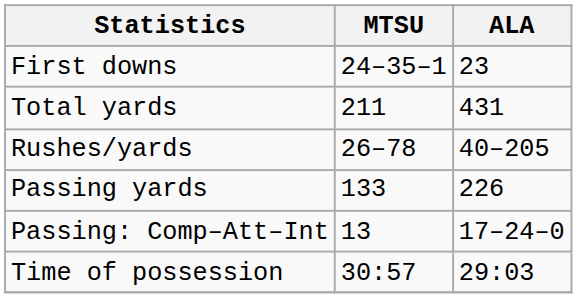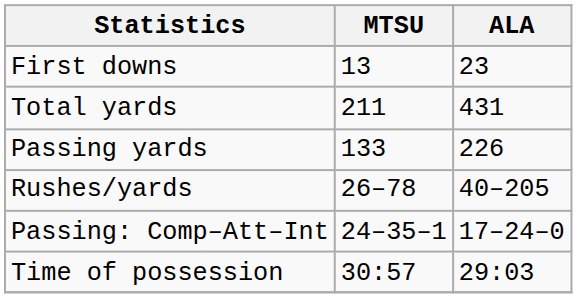 <table class="wikitable" style="float: left;">
 <tr>
 <th>Statistics</th>
 <th>MTSU</th>
 <th>ALA</th>
 </tr>
 <tr>
 <td>First downs</td>
-<td>24–35–1</td>
+<td>13</td>
 <td>23</td>
 </tr>
 <tr>
 <td>Total yards</td>
 <td>211</td>
 <td>431</td>
 </tr>
 <tr>
+<td>Passing yards</td>
+<td>133</td>
+<td>226</td>
+</tr>
+<tr>
 <td>Rushes/yards</td>
 <td>26–78</td>
 <td>40–205</td>
 </tr>
 <tr>
-<td>Passing yards</td>
-<td>133</td>
-<td>226</td>
-</tr>
-<tr>
 <td>Passing: Comp–Att–Int</td>
-<td>13</td>
+<td>24–35–1</td>
 <td>17–24–0</td>
 </tr>
 <tr>
 <td>Time of possession</td>
 <td>30:57</td>
 <td>29:03</td>
 </tr>
 <tr>
 </tr>
 </table>
